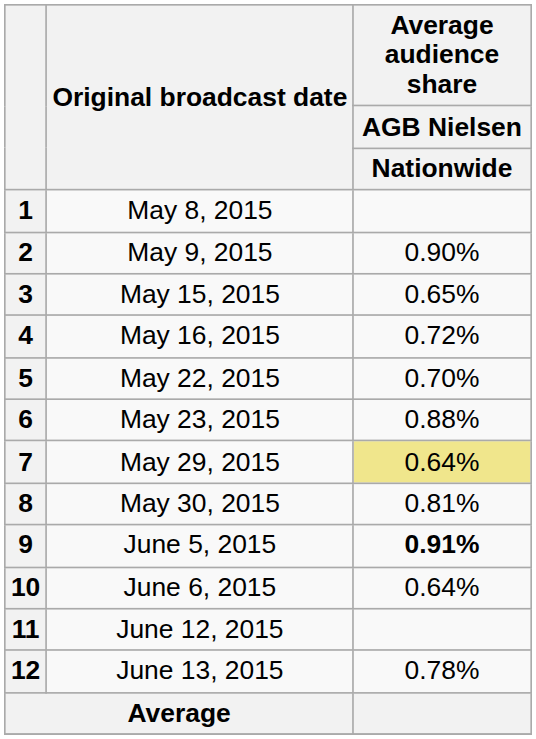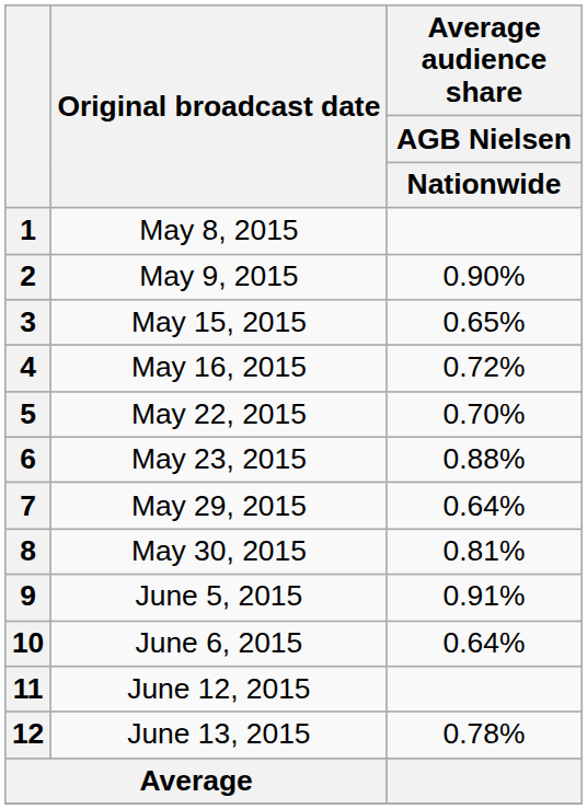 <table class="wikitable" style="text-align:center">
 <tr>
 <th rowspan="3"></th>
 <th rowspan="3">Original broadcast date</th>
 <th width=100>Average audience share</th>
 </tr>
 <tr>
 <th>AGB Nielsen</th>
 </tr>
 <tr>
 <th width=90>Nationwide</th>
 </tr>
 <tr>
 <th>1</th>
 <td>May 8, 2015</td>
 <td></td>
 </tr>
 <tr>
 <th>2</th>
 <td>May 9, 2015</td>
 <td>0.90%</td>
 </tr>
 <tr>
 <th>3</th>
 <td>May 15, 2015</td>
 <td>0.65%</td>
 </tr>
 <tr>
 <th>4</th>
 <td>May 16, 2015</td>
 <td>0.72%</td>
 </tr>
 <tr>
 <th>5</th>
 <td>May 22, 2015</td>
 <td>0.70%</td>
 </tr>
 <tr>
 <th>6</th>
 <td>May 23, 2015</td>
 <td>0.88%</td>
 </tr>
 <tr>
 <th>7</th>
 <td>May 29, 2015</td>
-<td style="background: khaki;">0.64%</td>
+<td>0.64%</td>
 </tr>
 <tr>
 <th>8</th>
 <td>May 30, 2015</td>
 <td>0.81%</td>
 </tr>
 <tr>
 <th>9</th>
 <td>June 5, 2015</td>
-<td><strong>0.91%</strong></td>
+<td>0.91%</td>
 </tr>
 <tr>
 <th>10</th>
 <td>June 6, 2015</td>
 <td>0.64%</td>
 </tr>
 <tr>
 <th>11</th>
 <td>June 12, 2015</td>
 <td></td>
 </tr>
 <tr>
 <th>12</th>
 <td>June 13, 2015</td>
 <td>0.78%</td>
 </tr>
 <tr>
 <th colspan=2>Average</th>
 <th></th>
 </tr>
 <tr>
 </tr>
 </table>
